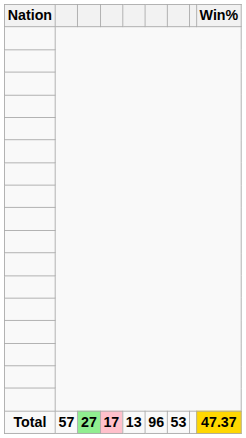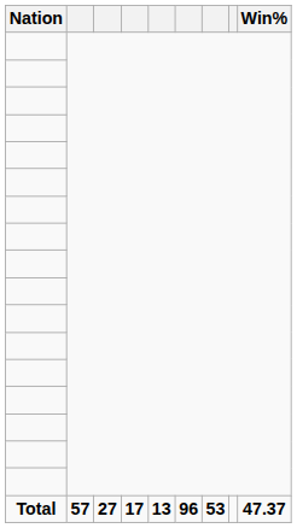 <table class="wikitable sortable" style="text-align:center">
 <tr>
 <th>Nation</th>
 <th></th>
 <th></th>
 <th></th>
 <th></th>
 <th></th>
 <th></th>
 <th></th>
 <th>Win%</th>
 </tr>
 <tr>
 <td align=left><br></td>
 </tr>
 <tr>
 <td align=left><br></td>
 </tr>
 <tr>
 <td align=left><br></td>
 </tr>
 <tr>
 <td align=left><br></td>
 </tr>
 <tr>
 <td align=left><br></td>
 </tr>
 <tr>
 <td align=left><br></td>
 </tr>
 <tr>
 <td align=left><br></td>
 </tr>
 <tr>
 <td align=left><br></td>
 </tr>
 <tr>
 <td align=left><br></td>
 </tr>
 <tr>
 <td align=left><br></td>
 </tr>
 <tr>
 <td align=left><br></td>
 </tr>
 <tr>
 <td align=left><br></td>
 </tr>
 <tr>
 <td align=left><br></td>
 </tr>
 <tr>
 <td align=left><br></td>
 </tr>
 <tr>
 <td align=left><br></td>
 </tr>
 <tr>
 <td align=left><br></td>
 </tr>
 <tr>
 <td align=left><br></td>
 </tr>
 <tr class="sortbottom">
 <td><strong>Total</strong></td>
 <td><strong>57</strong></td>
-<td style="background: lightgreen;"><strong>27</strong></td>
-<td style="background: pink;"><strong>17</strong></td>
+<td><strong>27</strong></td>
+<td><strong>17</strong></td>
 <td><strong>13</strong></td>
 <td><strong>96</strong></td>
 <td><strong>53</strong></td>
 <td></td>
-<td style="background: gold;"><strong>47.37</strong></td>
+<td><strong>47.37</strong></td>
 </tr>
 </table>
